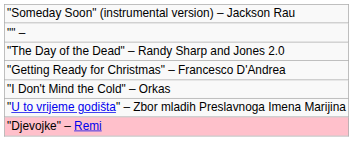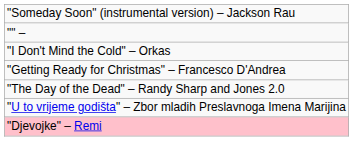 <table class="wikitable mw-collapsible mw-collapsed">
 <tr>
 <td>"Someday Soon" (instrumental version) – Jackson Rau</td>
 </tr>
 <tr>
 <td>"" – </td>
 </tr>
 <tr>
-<td>"The Day of the Dead" – Randy Sharp and Jones 2.0</td>
+<td>"I Don't Mind the Cold" – Orkas</td>
 </tr>
 <tr>
 <td>"Getting Ready for Christmas" – Francesco D'Andrea</td>
 </tr>
 <tr>
-<td>"I Don't Mind the Cold" – Orkas</td>
+<td>"The Day of the Dead" – Randy Sharp and Jones 2.0</td>
 </tr>
 <tr>
 <td>"<a href='#'>U to vrijeme godišta</a>" – Zbor mladih Preslavnoga Imena Marijina</td>
 </tr>
 <tr>
 <td style="background: pink;">"Djevojke" – <a href='#'>Remi</a></td>
 </tr>
 </table>
